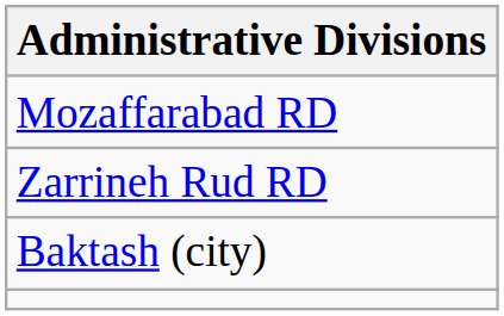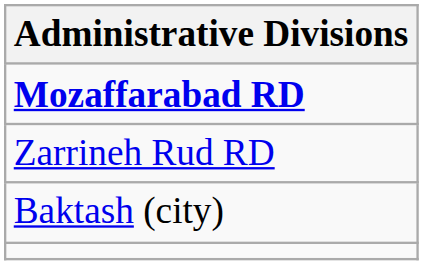 <table class="wikitable">
 <tr>
 <th>Administrative Divisions</th>
 </tr>
 <tr>
-<td><a href='#'>Mozaffarabad RD</a></td>
+<td><strong><a href='#'>Mozaffarabad RD</a></strong></td>
 </tr>
 <tr>
 <td><a href='#'>Zarrineh Rud RD</a></td>
 </tr>
 <tr>
 <td><a href='#'>Baktash</a> (city)</td>
 </tr>
 <tr>
 <td colspan=1></td>
 </tr>
 </table>
